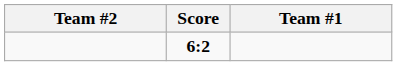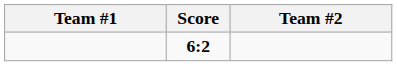 <table class="wikitable" style="text-align:center;">
 <tr>
+<th width=140>Team #1</th>
+<th width=50>Score</th>
 <th width=140>Team #2</th>
-<th width=50>Score</th>
-<th width=140>Team #1</th>
 </tr>
 <tr>
+<td style="text-align:right;"></td>
+<td><strong>6:2</strong></td>
 <td style="text-align:left;"></td>
-<td><strong>6:2</strong></td>
-<td style="text-align:right;"></td>
 </tr>
 </table>
